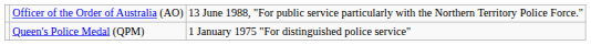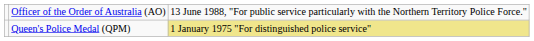 <table class="wikitable">
 <tr>
 <td></td>
 <td><a href='#'>Officer of the Order of Australia</a> (AO)</td>
 <td>13 June 1988, "For public service particularly with the Northern Territory Police Force."</td>
 </tr>
 <tr>
 <td></td>
 <td><a href='#'>Queen's Police Medal</a> (QPM)</td>
-<td>1 January 1975 "For distinguished police service"</td>
+<td style="background: khaki;">1 January 1975 "For distinguished police service"</td>
 </tr>
 </table>
